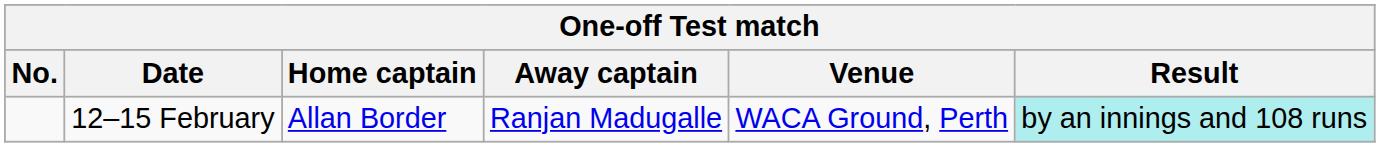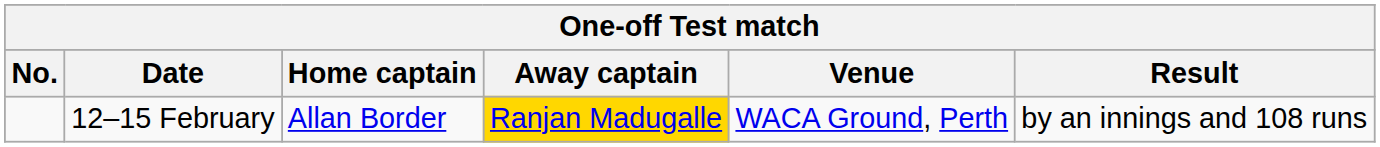 <table class="wikitable">
 <tr>
 <th colspan="9">One-off Test match</th>
 </tr>
 <tr>
 <th>No.</th>
 <th>Date</th>
 <th>Home captain</th>
 <th>Away captain</th>
 <th>Venue</th>
 <th>Result</th>
 </tr>
 <tr>
 <td></td>
 <td>12–15 February</td>
 <td><a href='#'>Allan Border</a></td>
-<td><a href='#'>Ranjan Madugalle</a></td>
+<td style="background: gold;"><a href='#'>Ranjan Madugalle</a></td>
 <td><a href='#'>WACA Ground</a>, <a href='#'>Perth</a></td>
-<td style="background: paleturquoise;"> by an innings and 108 runs</td>
+<td> by an innings and 108 runs</td>
 </tr>
 </table>
